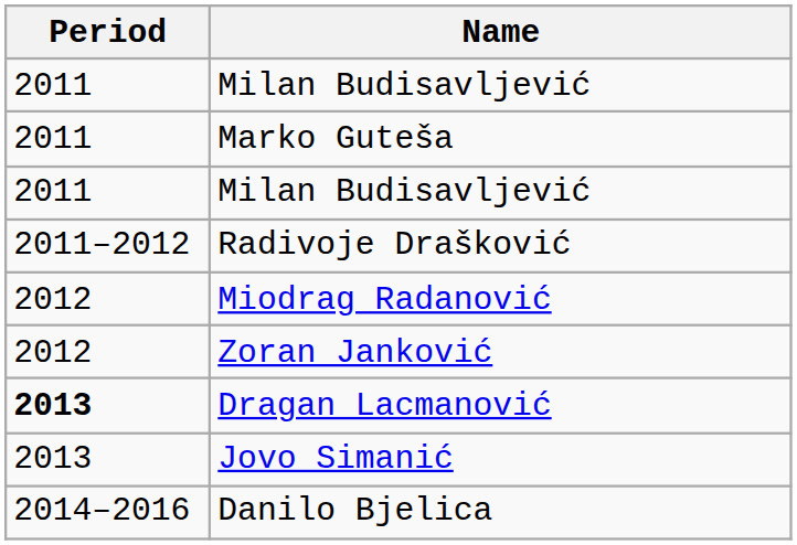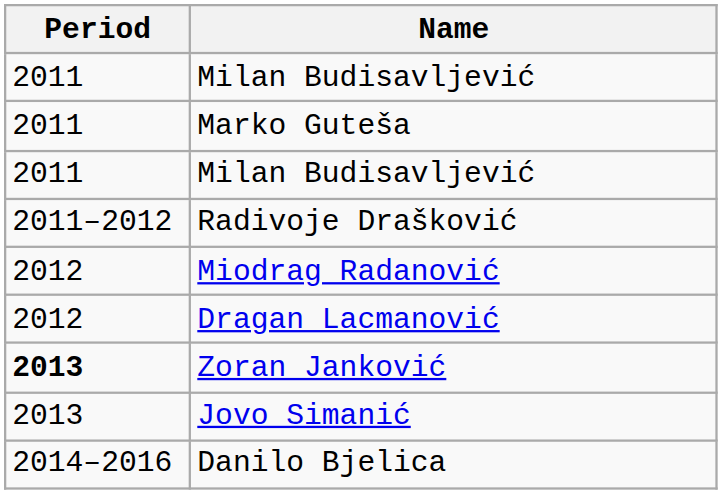 <table class="wikitable">
 <tr>
 <th width="75">Period</th>
 <th width="225">Name</th>
 </tr>
 <tr>
 <td>2011</td>
 <td> Milan Budisavljević</td>
 </tr>
 <tr>
 <td>2011</td>
 <td> Marko Guteša</td>
 </tr>
 <tr>
 <td>2011</td>
 <td> Milan Budisavljević</td>
 </tr>
 <tr>
 <td>2011–2012</td>
 <td> Radivoje Drašković</td>
 </tr>
 <tr>
 <td>2012</td>
 <td> <a href='#'>Miodrag Radanović</a></td>
 </tr>
 <tr>
 <td>2012</td>
-<td> <a href='#'>Zoran Janković</a></td>
+<td> <a href='#'>Dragan Lacmanović</a></td>
 </tr>
 <tr>
 <td><strong>2013</strong></td>
-<td> <a href='#'>Dragan Lacmanović</a></td>
+<td> <a href='#'>Zoran Janković</a></td>
 </tr>
 <tr>
 <td>2013</td>
 <td> <a href='#'>Jovo Simanić</a></td>
 </tr>
 <tr>
 <td>2014–2016</td>
 <td> Danilo Bjelica</td>
 </tr>
 </table>
